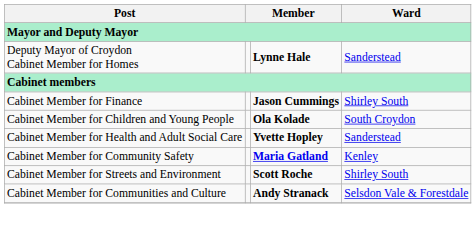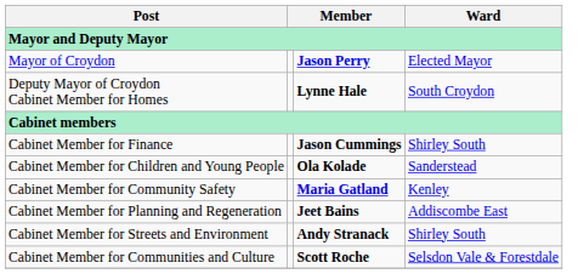 <table class="wikitable">
 <tr>
 <th>Post</th>
 <th colspan=2>Member</th>
 <th colspan=1>Ward</th>
 </tr>
 <tr>
 <td style="background:#aaeecc;" colspan="4"><strong>Mayor and Deputy Mayor</strong></td>
 </tr>
 <tr>
+<td><a href='#'>Mayor of Croydon</a></td>
+<td style="background-color: "></td>
+<td><strong><a href='#'>Jason Perry</a></strong></td>
+<td><a href='#'>Elected Mayor</a></td>
+</tr>
+<tr>
 <td>Deputy Mayor of Croydon<br>Cabinet Member for Homes</td>
 <td style="background-color: "></td>
 <td><strong>Lynne Hale</strong></td>
-<td><a href='#'>Sanderstead</a></td>
+<td><a href='#'>South Croydon</a></td>
 </tr>
 <tr>
 <td style="background:#aaeecc;" colspan="4"><strong>Cabinet members</strong></td>
 </tr>
 <tr>
 <td>Cabinet Member for Finance</td>
 <td style="background-color: "></td>
 <td><strong>Jason Cummings</strong></td>
 <td><a href='#'>Shirley South</a></td>
 </tr>
 <tr>
 <td>Cabinet Member for Children and Young People</td>
 <td style="background-color: "></td>
 <td><strong>Ola Kolade</strong></td>
-<td><a href='#'>South Croydon</a></td>
-</tr>
-<tr>
-<td>Cabinet Member for Health and Adult Social Care</td>
-<td style="background-color: "></td>
-<td><strong>Yvette Hopley</strong></td>
 <td><a href='#'>Sanderstead</a></td>
 </tr>
 <tr>
 <td>Cabinet Member for Community Safety</td>
 <td style="background-color: "></td>
 <td><strong><a href='#'>Maria Gatland</a></strong></td>
 <td><a href='#'>Kenley</a></td>
 </tr>
 <tr>
+<td>Cabinet Member for Planning and Regeneration</td>
+<td style="background-color: "></td>
+<td><strong>Jeet Bains</strong></td>
+<td><a href='#'>Addiscombe East</a></td>
+</tr>
+<tr>
 <td>Cabinet Member for Streets and Environment</td>
 <td style="background-color: "></td>
-<td><strong>Scott Roche</strong></td>
+<td><strong>Andy Stranack</strong></td>
 <td><a href='#'>Shirley South</a></td>
 </tr>
 <tr>
 <td>Cabinet Member for Communities and Culture</td>
 <td style="background-color: "></td>
-<td><strong>Andy Stranack</strong></td>
+<td><strong>Scott Roche</strong></td>
 <td><a href='#'>Selsdon Vale & Forestdale</a></td>
 </tr>
 <tr>
 </tr>
 </table>
